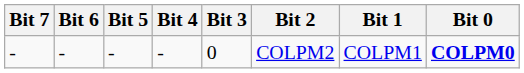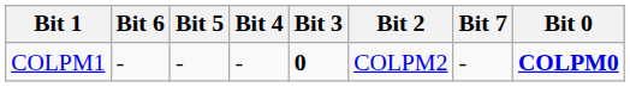 <table class="wikitable">
 <tr>
-<th>Bit 7</th>
+<th>Bit 1</th>
 <th>Bit 6</th>
 <th>Bit 5</th>
 <th>Bit 4</th>
 <th>Bit 3</th>
 <th>Bit 2</th>
-<th>Bit 1</th>
+<th>Bit 7</th>
 <th>Bit 0</th>
 </tr>
 <tr>
+<td><a href='#'>COLPM1</a></td>
 <td>-</td>
 <td>-</td>
 <td>-</td>
+<td><strong>0</strong></td>
+<td><a href='#'>COLPM2</a></td>
 <td>-</td>
-<td>0</td>
-<td><a href='#'>COLPM2</a></td>
-<td><a href='#'>COLPM1</a></td>
 <td><strong><a href='#'>COLPM0</a></strong></td>
 </tr>
 </table>
